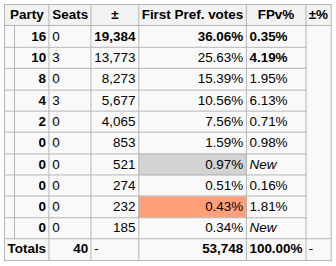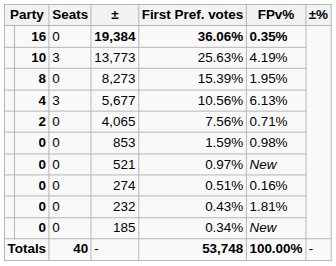 <table class="wikitable sortable">
 <tr>
 <th colspan="2" align="center">Party</th>
 <th valign="top">Seats</th>
 <th>±</th>
 <th valign="top">First Pref. votes</th>
 <th valign="top">FPv%</th>
 <th>±%</th>
 </tr>
 <tr>
 <td></td>
 <td align="right"><strong>16</strong></td>
 <td> 0</td>
 <td align="right"><strong>19,384</strong></td>
 <td align="right"><strong>36.06%</strong></td>
 <td> <strong>0.35%</strong></td>
 </tr>
 <tr>
 <td></td>
 <td align="right"><strong>10</strong></td>
 <td> 3</td>
 <td align="right">13,773</td>
 <td align="right">25.63%</td>
-<td><strong> 4.19%</strong></td>
+<td> 4.19%</td>
 </tr>
 <tr>
 <td></td>
 <td align="right"><strong>8</strong></td>
 <td> 0</td>
 <td align="right">8,273</td>
 <td align="right">15.39%</td>
 <td> 1.95%</td>
 </tr>
 <tr>
 <td></td>
 <td align="right"><strong>4</strong></td>
 <td> 3</td>
 <td align="right">5,677</td>
 <td align="right">10.56%</td>
 <td> 6.13%</td>
 </tr>
 <tr>
 <td></td>
 <td align="right"><strong>2</strong></td>
 <td> 0</td>
 <td align="right">4,065</td>
 <td align="right">7.56%</td>
 <td> 0.71%</td>
 </tr>
 <tr>
 <td></td>
 <td align="right"><strong>0</strong></td>
 <td> 0</td>
 <td align="right">853</td>
 <td align="right">1.59%</td>
 <td> 0.98%</td>
 </tr>
 <tr>
 <td></td>
 <td align="right"><strong>0</strong></td>
 <td> 0</td>
 <td align="right">521</td>
-<td align="right" style="background: lightgrey;">0.97%</td>
+<td align="right">0.97%</td>
 <td><em>New</em></td>
 </tr>
 <tr>
 <td></td>
 <td align="right"><strong>0</strong></td>
 <td> 0</td>
 <td align="right">274</td>
 <td align="right">0.51%</td>
 <td>0.16%</td>
 </tr>
 <tr>
 <td></td>
 <td align="right"><strong>0</strong></td>
 <td> 0</td>
 <td align="right">232</td>
-<td align="right" style="background: lightsalmon;">0.43%</td>
+<td align="right">0.43%</td>
 <td>1.81%</td>
 </tr>
 <tr>
 <td></td>
 <td align="right"><strong>0</strong></td>
 <td> 0</td>
 <td align="right">185</td>
 <td align="right">0.34%</td>
 <td><em>New</em></td>
 </tr>
 <tr>
 <td colspan="2" align="center"><strong>Totals</strong></td>
 <td align="right"><strong>40</strong></td>
 <td>-</td>
 <td align="right"><strong>53,748</strong></td>
 <td align="center"><strong>100.00%</strong></td>
 <td>-</td>
 </tr>
 </table>
